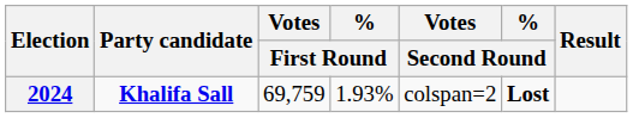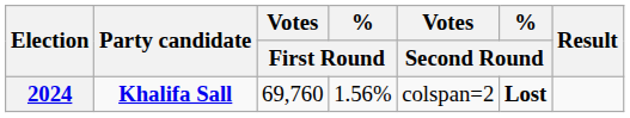 <table class="wikitable" style="text-align:center">
 <tr>
 <th rowspan="2">Election</th>
 <th rowspan="2">Party candidate</th>
 <th><strong>Votes</strong></th>
 <th><strong>%</strong></th>
 <th><strong>Votes</strong></th>
 <th><strong>%</strong></th>
 <th rowspan="2">Result</th>
 </tr>
 <tr>
 <th colspan="2">First Round</th>
 <th colspan="2">Second Round</th>
 </tr>
 <tr>
 <th><a href='#'>2024</a></th>
 <td><strong><a href='#'>Khalifa Sall</a></strong></td>
-<td>69,759</td>
-<td>1.93%</td>
+<td>69,760</td>
+<td>1.56%</td>
 <td>colspan=2 </td>
 <td><strong>Lost</strong> </td>
 </tr>
 </table>
